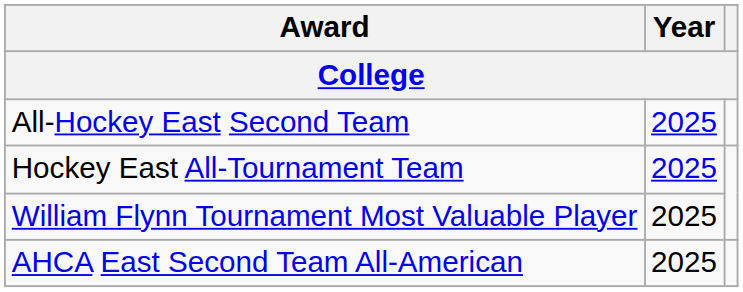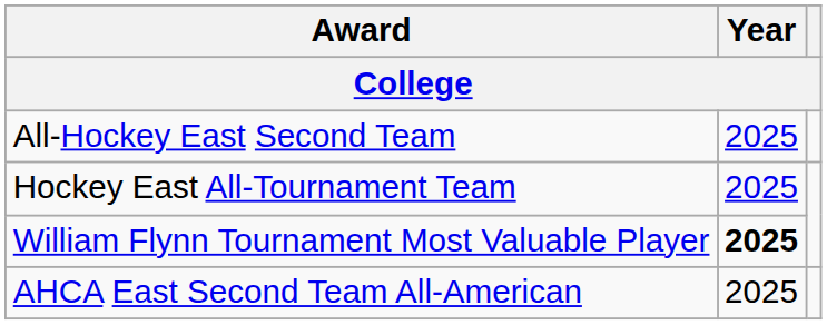 <table class="wikitable">
 <tr>
 <th>Award</th>
 <th>Year</th>
 <th></th>
 </tr>
 <tr>
 <th colspan="3"><a href='#'>College</a></th>
 </tr>
 <tr>
 <td>All-<a href='#'>Hockey East</a> <a href='#'>Second Team</a></td>
 <td><a href='#'>2025</a></td>
 <td></td>
 </tr>
 <tr>
 <td>Hockey East <a href='#'>All-Tournament Team</a></td>
 <td><a href='#'>2025</a></td>
 <td rowspan="2"></td>
 </tr>
 <tr>
 <td><a href='#'>William Flynn Tournament Most Valuable Player</a></td>
-<td>2025</td>
+<td><strong>2025</strong></td>
 </tr>
 <tr>
 <td><a href='#'>AHCA</a> <a href='#'>East Second Team All-American</a></td>
 <td>2025</td>
 <td></td>
 </tr>
 </table>
